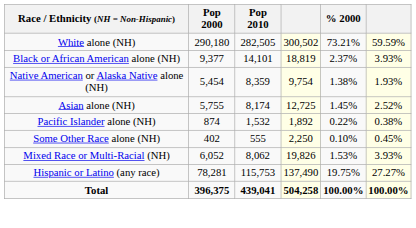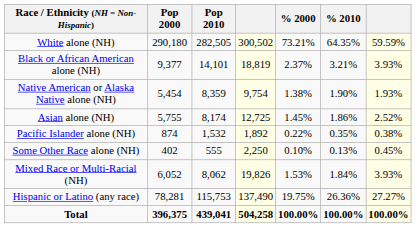 <table class="wikitable" style="text-align:center;">
 <tr>
 <th>Race / Ethnicity <small>(<em>NH = Non-Hispanic</em>)</small></th>
 <th>Pop 2000</th>
 <th>Pop 2010</th>
 <th></th>
 <th>% 2000</th>
+<th>% 2010</th>
 <th></th>
 </tr>
 <tr>
 <td><a href='#'>White</a> alone (NH)</td>
 <td>290,180</td>
 <td>282,505</td>
 <td style='background: #ffffe6;'>300,502</td>
 <td>73.21%</td>
+<td>64.35%</td>
 <td style='background: #ffffe6;'>59.59%</td>
 </tr>
 <tr>
 <td><a href='#'>Black or African American</a> alone (NH)</td>
 <td>9,377</td>
 <td>14,101</td>
 <td style='background: #ffffe6;'>18,819</td>
 <td>2.37%</td>
+<td>3.21%</td>
 <td style='background: #ffffe6;'>3.93%</td>
 </tr>
 <tr>
 <td><a href='#'>Native American</a> or <a href='#'>Alaska Native</a> alone (NH)</td>
 <td>5,454</td>
 <td>8,359</td>
 <td style='background: #ffffe6;'>9,754</td>
 <td>1.38%</td>
+<td>1.90%</td>
 <td style='background: #ffffe6;'>1.93%</td>
 </tr>
 <tr>
 <td><a href='#'>Asian</a> alone (NH)</td>
 <td>5,755</td>
 <td>8,174</td>
 <td style='background: #ffffe6;'>12,725</td>
 <td>1.45%</td>
+<td>1.86%</td>
 <td style='background: #ffffe6;'>2.52%</td>
 </tr>
 <tr>
 <td><a href='#'>Pacific Islander</a> alone (NH)</td>
 <td>874</td>
 <td>1,532</td>
 <td style='background: #ffffe6;'>1,892</td>
 <td>0.22%</td>
+<td>0.35%</td>
 <td style='background: #ffffe6;'>0.38%</td>
 </tr>
 <tr>
 <td><a href='#'>Some Other Race</a> alone (NH)</td>
 <td>402</td>
 <td>555</td>
 <td style='background: #ffffe6;'>2,250</td>
 <td>0.10%</td>
+<td>0.13%</td>
 <td style='background: #ffffe6;'>0.45%</td>
 </tr>
 <tr>
 <td><a href='#'>Mixed Race or Multi-Racial</a> (NH)</td>
 <td>6,052</td>
 <td>8,062</td>
 <td style='background: #ffffe6;'>19,826</td>
 <td>1.53%</td>
+<td>1.84%</td>
 <td style='background: #ffffe6;'>3.93%</td>
 </tr>
 <tr>
 <td><a href='#'>Hispanic or Latino</a> (any race)</td>
 <td>78,281</td>
 <td>115,753</td>
 <td style='background: #ffffe6;'>137,490</td>
 <td>19.75%</td>
+<td>26.36%</td>
 <td style='background: #ffffe6;'>27.27%</td>
 </tr>
 <tr>
 <td><strong>Total</strong></td>
 <td><strong>396,375</strong></td>
 <td><strong>439,041</strong></td>
 <td style='background: #ffffe6;'><strong>504,258</strong></td>
 <td><strong>100.00%</strong></td>
+<td><strong>100.00%</strong></td>
 <td style='background: #ffffe6;'><strong>100.00%</strong></td>
 </tr>
 </table>
